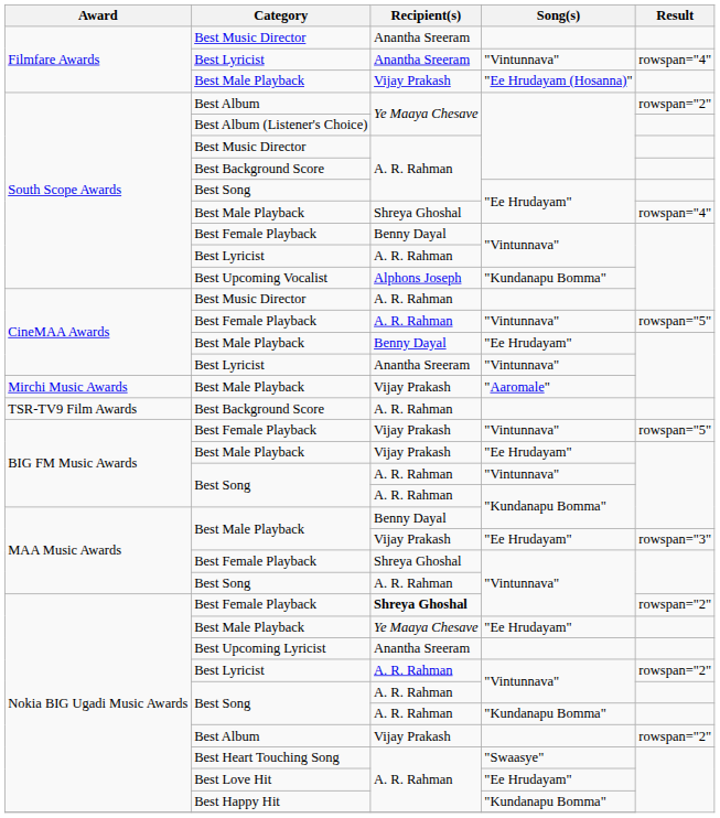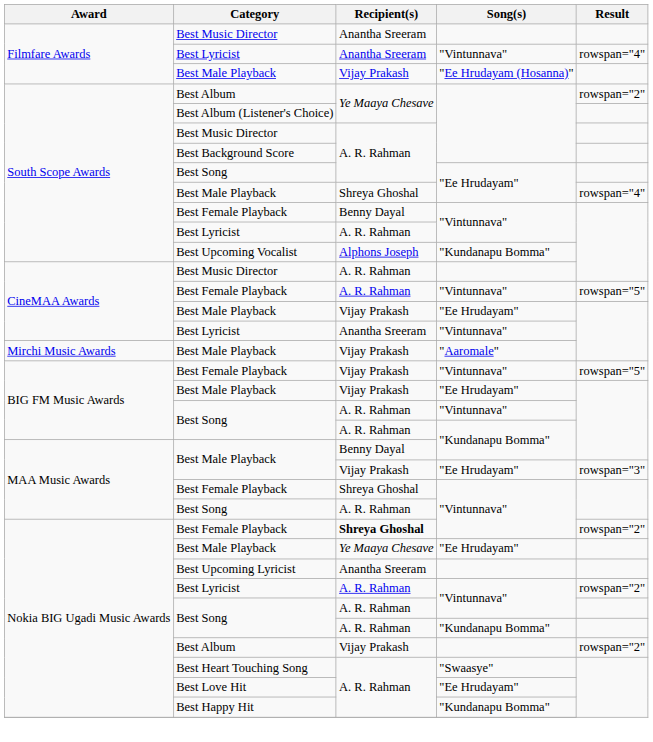 <table class="wikitable sortable">
 <tr>
 <th>Award</th>
 <th>Category</th>
 <th>Recipient(s)</th>
 <th>Song(s)</th>
 <th>Result</th>
 </tr>
 <tr>
 <td rowspan="3"><a href='#'>Filmfare Awards</a></td>
 <td><a href='#'>Best Music Director</a></td>
 <td>Anantha Sreeram</td>
 <td></td>
 <td></td>
 </tr>
 <tr>
 <td><a href='#'>Best Lyricist</a></td>
 <td><a href='#'>Anantha Sreeram</a></td>
 <td>"Vintunnava"</td>
 <td>rowspan="4" </td>
 </tr>
 <tr>
 <td><a href='#'>Best Male Playback</a></td>
 <td><a href='#'>Vijay Prakash</a></td>
 <td>"<a href='#'>Ee Hrudayam (Hosanna)</a>"</td>
 </tr>
 <tr>
 <td rowspan="9"><a href='#'>South Scope Awards</a></td>
 <td>Best Album</td>
 <td rowspan="2"><em>Ye Maaya Chesave</em></td>
 <td rowspan="4"></td>
 <td>rowspan="2" </td>
 </tr>
 <tr>
 <td>Best Album (Listener's Choice)</td>
 </tr>
 <tr>
 <td>Best Music Director</td>
 <td rowspan="3">A. R. Rahman</td>
 <td></td>
 </tr>
 <tr>
 <td>Best Background Score</td>
 <td></td>
 </tr>
 <tr>
 <td>Best Song</td>
 <td rowspan="2">"Ee Hrudayam"</td>
 <td></td>
 </tr>
 <tr>
 <td>Best Male Playback</td>
 <td>Shreya Ghoshal</td>
 <td>rowspan="4" </td>
 </tr>
 <tr>
 <td>Best Female Playback</td>
 <td>Benny Dayal</td>
 <td rowspan="2">"Vintunnava"</td>
 </tr>
 <tr>
 <td>Best Lyricist</td>
 <td>A. R. Rahman</td>
 </tr>
 <tr>
 <td>Best Upcoming Vocalist</td>
 <td><a href='#'>Alphons Joseph</a></td>
 <td>"Kundanapu Bomma"</td>
 </tr>
 <tr>
 <td rowspan="4"><a href='#'>CineMAA Awards</a></td>
 <td>Best Music Director</td>
 <td>A. R. Rahman</td>
 <td></td>
 </tr>
 <tr>
 <td>Best Female Playback</td>
 <td><a href='#'>A. R. Rahman</a></td>
 <td>"Vintunnava"</td>
 <td>rowspan="5" </td>
 </tr>
 <tr>
 <td>Best Male Playback</td>
-<td><a href='#'>Benny Dayal</a></td>
+<td>Vijay Prakash</td>
 <td>"Ee Hrudayam"</td>
 </tr>
 <tr>
 <td>Best Lyricist</td>
 <td>Anantha Sreeram</td>
 <td>"Vintunnava"</td>
 </tr>
 <tr>
 <td><a href='#'>Mirchi Music Awards</a></td>
 <td>Best Male Playback</td>
 <td>Vijay Prakash</td>
 <td>"<a href='#'>Aaromale</a>"</td>
-</tr>
-<tr>
-<td>TSR-TV9 Film Awards</td>
-<td>Best Background Score</td>
-<td>A. R. Rahman</td>
-<td></td>
-<td></td>
 </tr>
 <tr>
 <td rowspan="4">BIG FM Music Awards</td>
 <td>Best Female Playback</td>
 <td>Vijay Prakash</td>
 <td>"Vintunnava"</td>
 <td>rowspan="5" </td>
 </tr>
 <tr>
 <td>Best Male Playback</td>
 <td>Vijay Prakash</td>
 <td>"Ee Hrudayam"</td>
 </tr>
 <tr>
 <td rowspan="2">Best Song</td>
 <td>A. R. Rahman</td>
 <td>"Vintunnava"</td>
 </tr>
 <tr>
 <td>A. R. Rahman</td>
 <td rowspan="2">"Kundanapu Bomma"</td>
 </tr>
 <tr>
 <td rowspan="4">MAA Music Awards</td>
 <td rowspan="2">Best Male Playback</td>
 <td>Benny Dayal</td>
 </tr>
 <tr>
 <td>Vijay Prakash</td>
 <td>"Ee Hrudayam"</td>
 <td>rowspan="3" </td>
 </tr>
 <tr>
 <td>Best Female Playback</td>
 <td>Shreya Ghoshal</td>
 <td rowspan="3">"Vintunnava"</td>
 </tr>
 <tr>
 <td>Best Song</td>
 <td>A. R. Rahman</td>
 </tr>
 <tr>
 <td rowspan="10">Nokia BIG Ugadi Music Awards</td>
 <td>Best Female Playback</td>
 <td><strong>Shreya Ghoshal</strong></td>
 <td>rowspan="2" </td>
 </tr>
 <tr>
 <td>Best Male Playback</td>
 <td><em>Ye Maaya Chesave</em></td>
 <td>"Ee Hrudayam"</td>
 </tr>
 <tr>
 <td>Best Upcoming Lyricist</td>
 <td>Anantha Sreeram</td>
 <td></td>
 <td></td>
 </tr>
 <tr>
 <td>Best Lyricist</td>
 <td><a href='#'>A. R. Rahman</a></td>
 <td rowspan="2">"Vintunnava"</td>
 <td>rowspan="2" </td>
 </tr>
 <tr>
 <td rowspan="2">Best Song</td>
 <td>A. R. Rahman</td>
 </tr>
 <tr>
 <td>A. R. Rahman</td>
 <td>"Kundanapu Bomma"</td>
 <td></td>
 </tr>
 <tr>
 <td>Best Album</td>
 <td>Vijay Prakash</td>
 <td></td>
 <td>rowspan="2" </td>
 </tr>
 <tr>
 <td>Best Heart Touching Song</td>
 <td rowspan="3">A. R. Rahman</td>
 <td>"Swaasye"</td>
 </tr>
 <tr>
 <td>Best Love Hit</td>
 <td>"Ee Hrudayam"</td>
 </tr>
 <tr>
 <td>Best Happy Hit</td>
 <td>"Kundanapu Bomma"</td>
 </tr>
 <tr>
 </tr>
 </table>
